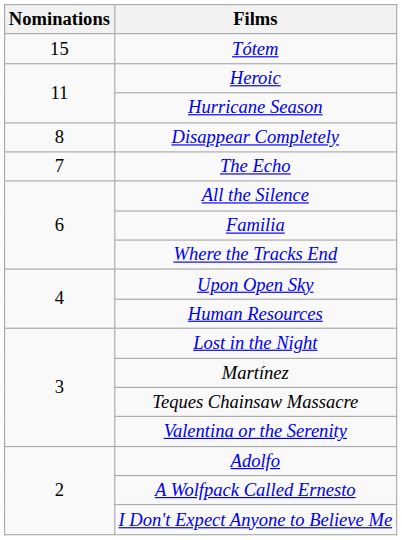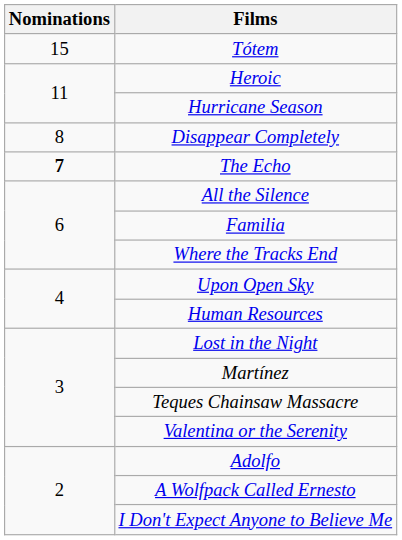 <table class="sortable wikitable" style="text-align:center">
 <tr>
 <th>Nominations</th>
 <th>Films</th>
 </tr>
 <tr>
 <td>15</td>
 <td><em><a href='#'>Tótem</a></em></td>
 </tr>
 <tr>
 <td rowspan="2">11</td>
 <td><em><a href='#'>Heroic</a></em></td>
 </tr>
 <tr>
 <td><em><a href='#'>Hurricane Season</a></em></td>
 </tr>
 <tr>
 <td>8</td>
 <td><em><a href='#'>Disappear Completely</a></em></td>
 </tr>
 <tr>
-<td>7</td>
+<td><strong>7</strong></td>
 <td><em><a href='#'>The Echo</a></em></td>
 </tr>
 <tr>
 <td rowspan="3">6</td>
 <td><em><a href='#'>All the Silence</a></em></td>
 </tr>
 <tr>
 <td><em><a href='#'>Familia</a></em></td>
 </tr>
 <tr>
 <td><em><a href='#'>Where the Tracks End</a></em></td>
 </tr>
 <tr>
 <td rowspan="2">4</td>
 <td><em><a href='#'>Upon Open Sky</a></em></td>
 </tr>
 <tr>
 <td><em><a href='#'>Human Resources</a></em></td>
 </tr>
 <tr>
 <td rowspan="4">3</td>
 <td><em><a href='#'>Lost in the Night</a></em></td>
 </tr>
 <tr>
 <td><em>Martínez</em></td>
 </tr>
 <tr>
 <td><em>Teques Chainsaw Massacre</em></td>
 </tr>
 <tr>
 <td><em><a href='#'>Valentina or the Serenity</a></em></td>
 </tr>
 <tr>
 <td rowspan="3">2</td>
 <td><em><a href='#'>Adolfo</a></em></td>
 </tr>
 <tr>
 <td><em><a href='#'>A Wolfpack Called Ernesto</a></em></td>
 </tr>
 <tr>
 <td><em><a href='#'>I Don't Expect Anyone to Believe Me</a></em></td>
 </tr>
 </table>
